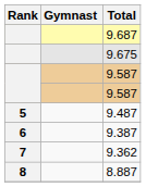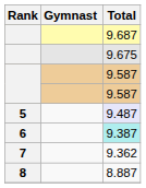 <table class="wikitable sortable" style="text-align:center; font-size:95%">
 <tr>
 <th scope=col>Rank</th>
 <th scope=col>Gymnast </th>
 <th scope=col>Total</th>
 </tr>
 <tr bgcolor=fffcaf>
 <th scope=row style="text-align:center"></th>
 <td align=left> </td>
 <td>9.687</td>
 </tr>
 <tr bgcolor=e5e5e5>
 <th scope=row style="text-align:center"></th>
 <td align=left> </td>
 <td>9.675</td>
 </tr>
 <tr bgcolor=eecc99>
 <th scope=row style="text-align:center" rowspan=2></th>
 <td align=left> </td>
 <td>9.587</td>
 </tr>
 <tr bgcolor=eecc99>
 <td align=left> </td>
 <td>9.587</td>
 </tr>
 <tr>
 <th scope=row style="text-align:center">5</th>
 <td align=left> </td>
-<td>9.487</td>
+<td style="background: lavender;">9.487</td>
 </tr>
 <tr>
 <th scope=row style="text-align:center">6</th>
 <td align=left> </td>
-<td>9.387</td>
+<td style="background: paleturquoise;">9.387</td>
 </tr>
 <tr>
 <th scope=row style="text-align:center">7</th>
 <td align=left> </td>
 <td>9.362</td>
 </tr>
 <tr>
 <th scope=row style="text-align:center">8</th>
 <td align=left> </td>
 <td>8.887</td>
 </tr>
 <tr>
 </tr>
 </table>
